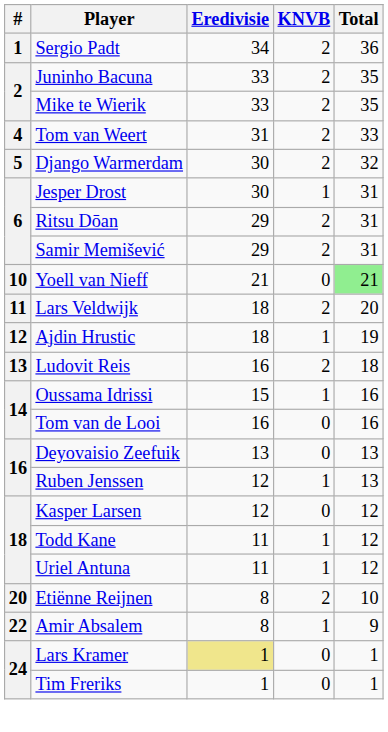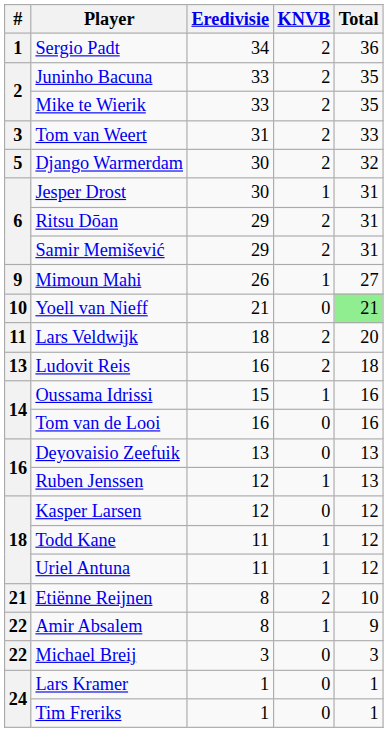 <table class="wikitable" style="text-align:right;">
 <tr>
 <th>#</th>
 <th>Player</th>
 <th><a href='#'>Eredivisie</a></th>
 <th><a href='#'>KNVB</a></th>
 <th>Total</th>
 </tr>
 <tr>
 <th align=center>1</th>
 <td align=left> <a href='#'>Sergio Padt</a></td>
 <td>34</td>
 <td>2</td>
 <td>36</td>
 </tr>
 <tr>
 <th rowspan=2 align=center>2</th>
 <td align=left> <a href='#'>Juninho Bacuna</a></td>
 <td>33</td>
 <td>2</td>
 <td>35</td>
 </tr>
 <tr>
 <td align=left> <a href='#'>Mike te Wierik</a></td>
 <td>33</td>
 <td>2</td>
 <td>35</td>
 </tr>
 <tr>
-<th align=center>4</th>
+<th align=center>3</th>
 <td align=left> <a href='#'>Tom van Weert</a></td>
 <td>31</td>
 <td>2</td>
 <td>33</td>
 </tr>
 <tr>
 <th align=center>5</th>
 <td align=left> <a href='#'>Django Warmerdam</a></td>
 <td>30</td>
 <td>2</td>
 <td>32</td>
 </tr>
 <tr>
 <th rowspan=3 align=center>6</th>
 <td align=left> <a href='#'>Jesper Drost</a></td>
 <td>30</td>
 <td>1</td>
 <td>31</td>
 </tr>
 <tr>
 <td align=left> <a href='#'>Ritsu Dōan</a></td>
 <td>29</td>
 <td>2</td>
 <td>31</td>
 </tr>
 <tr>
 <td align=left> <a href='#'>Samir Memišević</a></td>
 <td>29</td>
 <td>2</td>
 <td>31</td>
 </tr>
 <tr>
+<th align=center>9</th>
+<td align=left> <a href='#'>Mimoun Mahi</a></td>
+<td>26</td>
+<td>1</td>
+<td>27</td>
+</tr>
+<tr>
 <th align=center>10</th>
 <td align=left> <a href='#'>Yoell van Nieff</a></td>
 <td>21</td>
 <td>0</td>
 <td style="background: lightgreen;">21</td>
 </tr>
 <tr>
 <th align=center>11</th>
 <td align=left> <a href='#'>Lars Veldwijk</a></td>
 <td>18</td>
 <td>2</td>
 <td>20</td>
-</tr>
-<tr>
-<th align=center>12</th>
-<td align=left> <a href='#'>Ajdin Hrustic</a></td>
-<td>18</td>
-<td>1</td>
-<td>19</td>
 </tr>
 <tr>
 <th align=center>13</th>
 <td align=left> <a href='#'>Ludovit Reis</a></td>
 <td>16</td>
 <td>2</td>
 <td>18</td>
 </tr>
 <tr>
 <th rowspan=2 align=center>14</th>
 <td align=left> <a href='#'>Oussama Idrissi</a></td>
 <td>15</td>
 <td>1</td>
 <td>16</td>
 </tr>
 <tr>
 <td align=left> <a href='#'>Tom van de Looi</a></td>
 <td>16</td>
 <td>0</td>
 <td>16</td>
 </tr>
 <tr>
 <th rowspan=2 align=center>16</th>
 <td align=left> <a href='#'>Deyovaisio Zeefuik</a></td>
 <td>13</td>
 <td>0</td>
 <td>13</td>
 </tr>
 <tr>
 <td align=left> <a href='#'>Ruben Jenssen</a></td>
 <td>12</td>
 <td>1</td>
 <td>13</td>
 </tr>
 <tr>
 <th rowspan=3 align=center>18</th>
 <td align=left> <a href='#'>Kasper Larsen</a></td>
 <td>12</td>
 <td>0</td>
 <td>12</td>
 </tr>
 <tr>
 <td align=left> <a href='#'>Todd Kane</a></td>
 <td>11</td>
 <td>1</td>
 <td>12</td>
 </tr>
 <tr>
 <td align=left> <a href='#'>Uriel Antuna</a></td>
 <td>11</td>
 <td>1</td>
 <td>12</td>
 </tr>
 <tr>
-<th align=center>20</th>
+<th align=center>21</th>
 <td align=left> <a href='#'>Etiënne Reijnen</a></td>
 <td>8</td>
 <td>2</td>
 <td>10</td>
 </tr>
 <tr>
 <th align=center>22</th>
 <td align=left> <a href='#'>Amir Absalem</a></td>
 <td>8</td>
 <td>1</td>
 <td>9</td>
 </tr>
 <tr>
+<th align=center>22</th>
+<td align=left> <a href='#'>Michael Breij</a></td>
+<td>3</td>
+<td>0</td>
+<td>3</td>
+</tr>
+<tr>
 <th rowspan=2 align=center>24</th>
 <td align=left> <a href='#'>Lars Kramer</a></td>
-<td style="background: khaki;">1</td>
+<td>1</td>
 <td>0</td>
 <td>1</td>
 </tr>
 <tr>
 <td align=left> <a href='#'>Tim Freriks</a></td>
 <td>1</td>
 <td>0</td>
 <td>1</td>
 </tr>
 </table>
